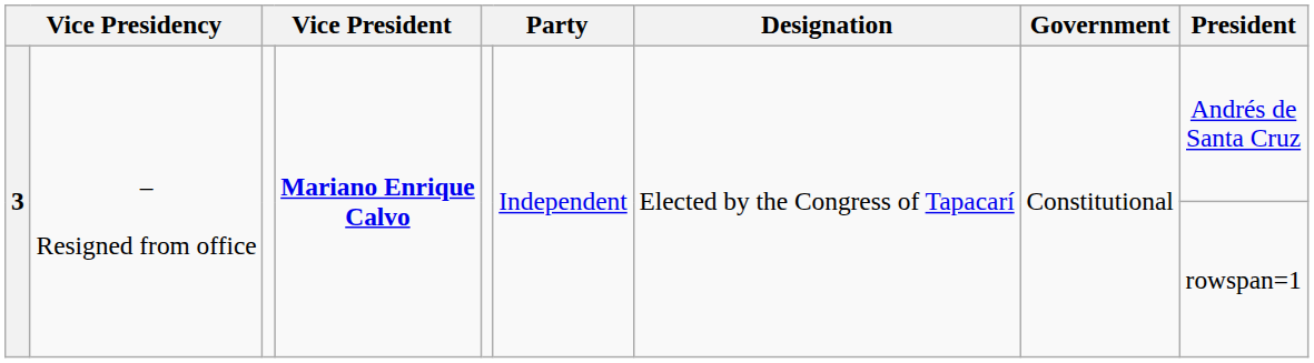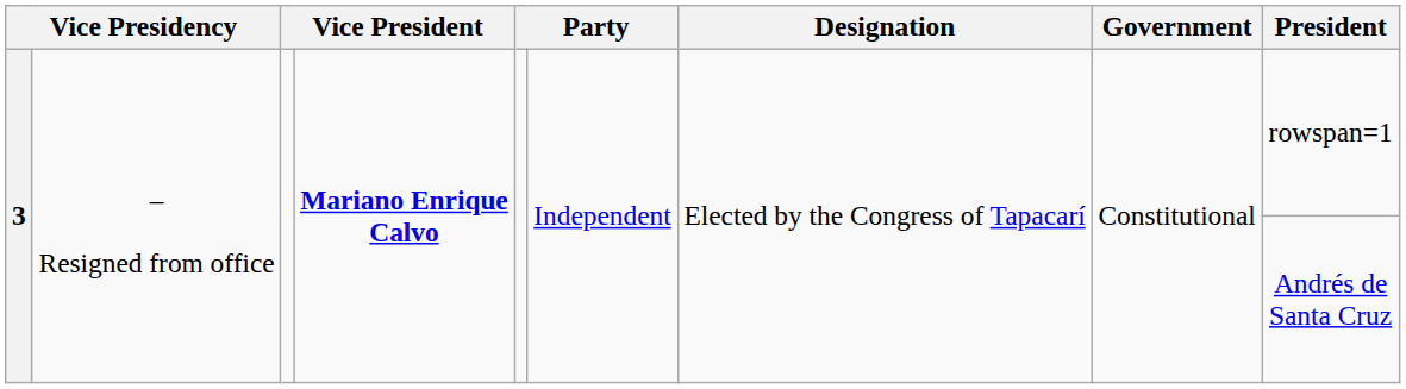 <table class="wikitable" style="text-align:center;">
 <tr>
 <th colspan="2">Vice Presidency</th>
 <th colspan="2">Vice President</th>
 <th colspan="2">Party</th>
 <th>Designation</th>
 <th>Government</th>
 <th>President</th>
 </tr>
 <tr style="height:6em;">
 <th rowspan="2">3</th>
 <td rowspan="2"><br>–<br><br>Resigned from office</td>
 <td rowspan="2" data-sort-value="Calvo, Mariano"></td>
 <td rowspan="2"><strong><a href='#'>Mariano Enrique<br>Calvo</a></strong></td>
 <td rowspan="2" style="background-color:"></td>
 <td rowspan="2"><a href='#'>Independent</a></td>
 <td rowspan="2">Elected by the Congress of <a href='#'>Tapacarí</a></td>
 <td rowspan="2">Constitutional</td>
+<td>rowspan=1 </td>
+</tr>
+<tr style="height:6em;">
 <td rowspan="1"><a href='#'>Andrés de<br>Santa Cruz</a></td>
 </tr>
-<tr style="height:6em;">
-<td>rowspan=1 </td>
-</tr>
 </table>
